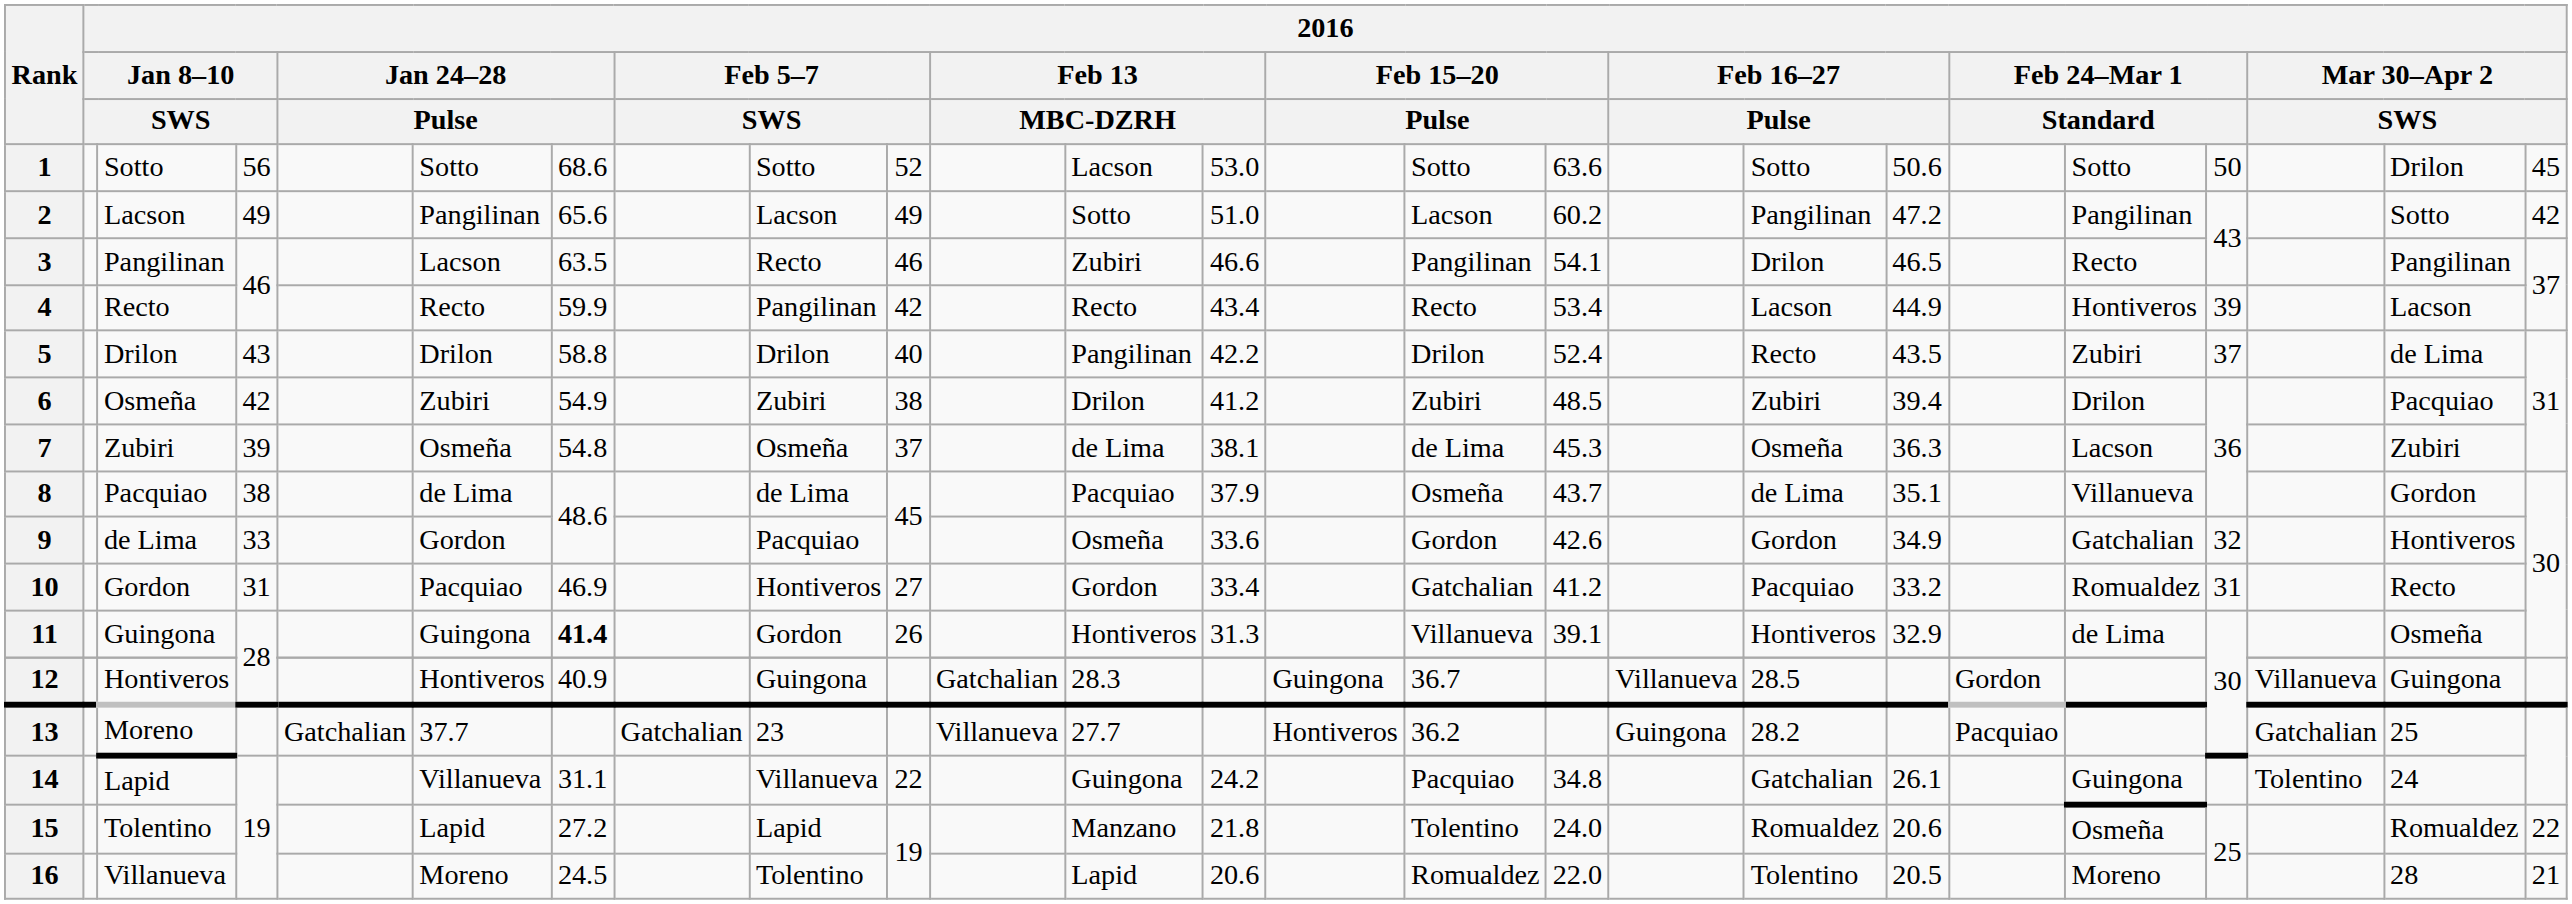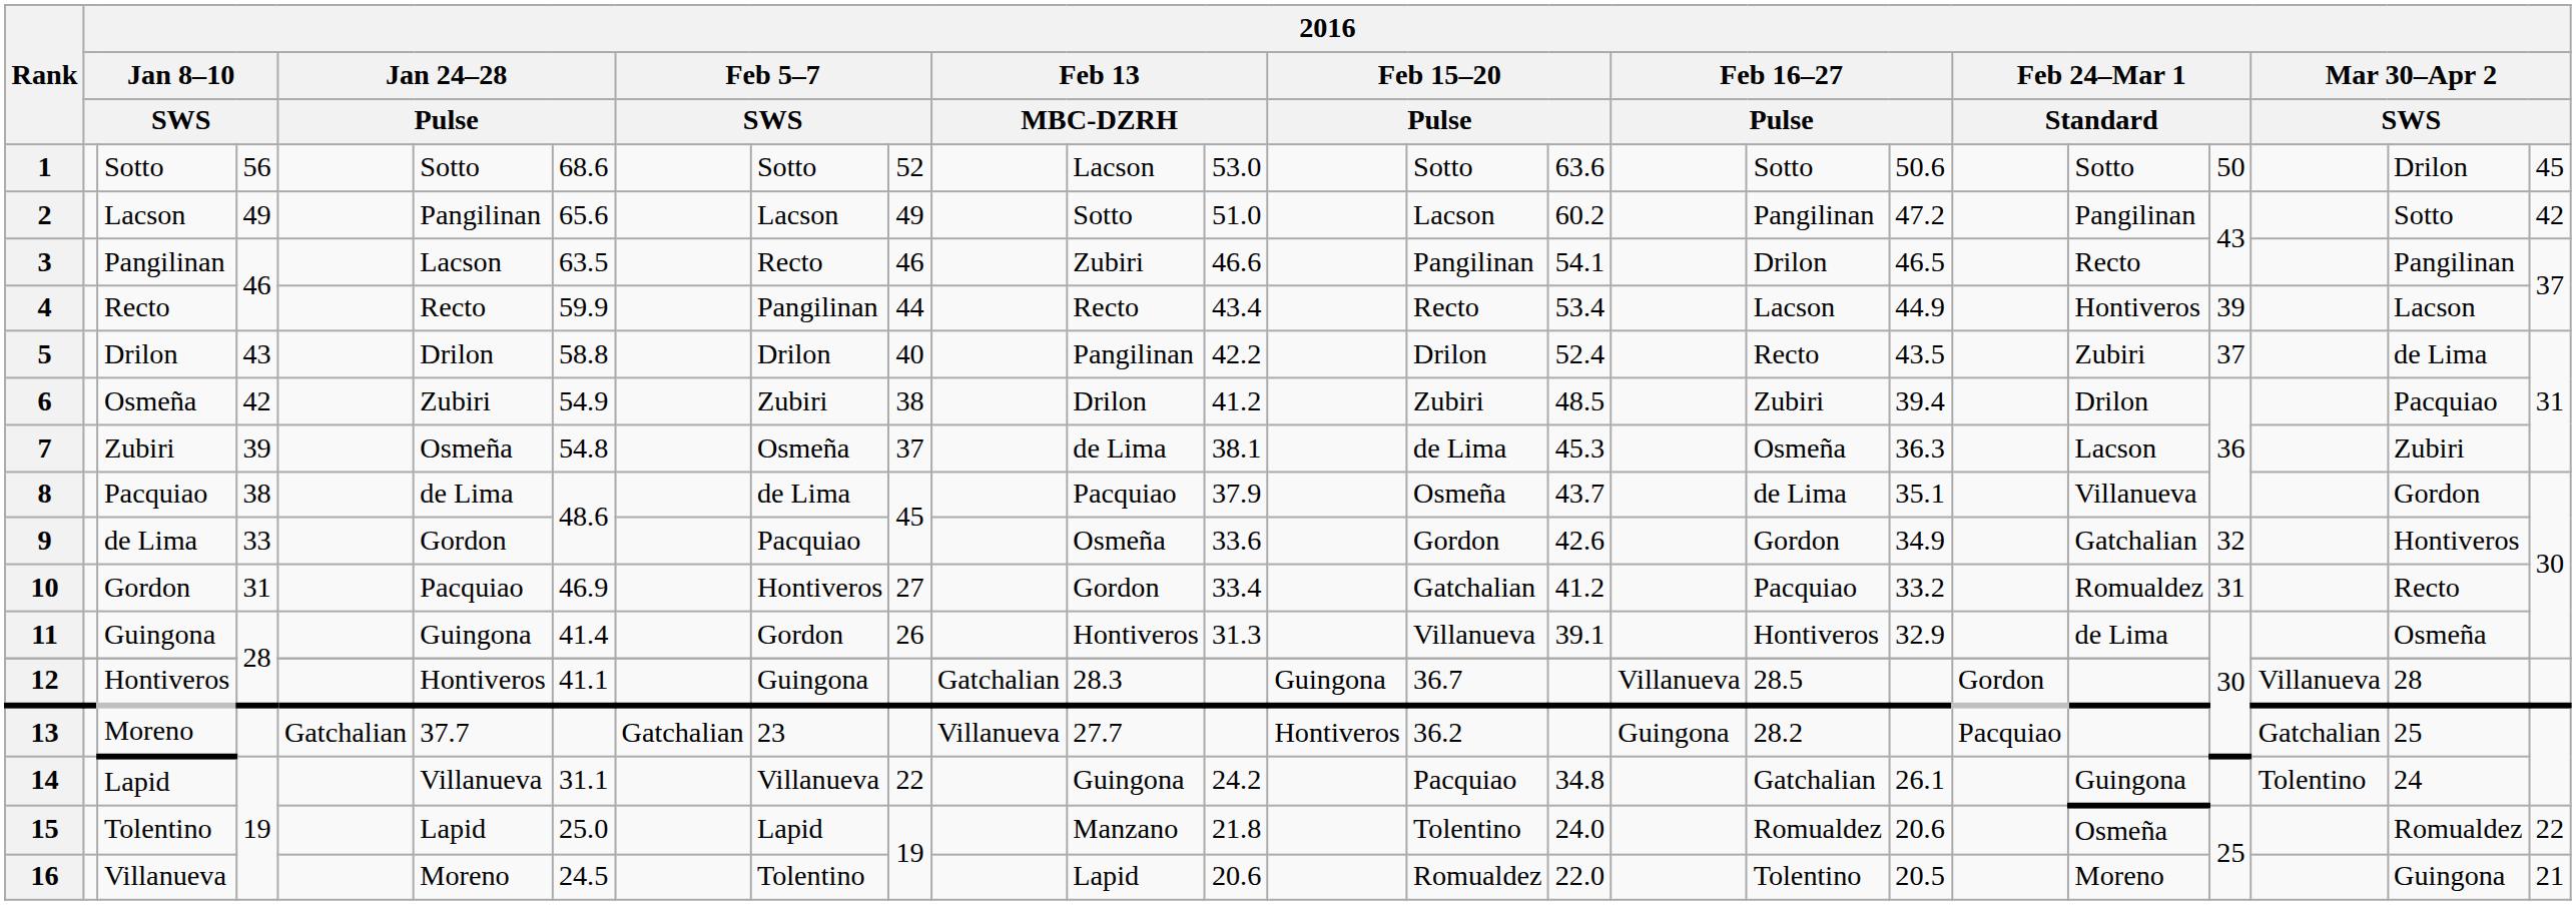 <table class="wikitable sortable" style="font-size:90%;">
 <tr>
 <th rowspan=3>Rank</th>
 <th colspan=24>2016</th>
 </tr>
 <tr>
 <th colspan=3>Jan 8–10</th>
 <th colspan=3>Jan 24–28</th>
 <th colspan=3>Feb 5–7</th>
 <th colspan=3>Feb 13</th>
 <th colspan=3>Feb 15–20</th>
 <th colspan=3>Feb 16–27</th>
 <th colspan=3>Feb 24–Mar 1</th>
 <th colspan=3>Mar 30–Apr 2</th>
 </tr>
 <tr>
 <th data-sort-type="number" colspan=3>SWS</th>
 <th data-sort-type="number" colspan=3>Pulse</th>
 <th data-sort-type="number" colspan=3>SWS</th>
 <th data-sort-type="number" colspan=3>MBC-DZRH</th>
 <th data-sort-type="number" colspan=3>Pulse</th>
 <th data-sort-type="number" colspan=3>Pulse</th>
 <th data-sort-type="number" colspan=3>Standard</th>
 <th data-sort-type="number" colspan=3>SWS</th>
 </tr>
 <tr>
 <th>1</th>
 <td></td>
 <td>Sotto</td>
 <td>56</td>
 <td></td>
 <td>Sotto</td>
 <td>68.6</td>
 <td></td>
 <td>Sotto</td>
 <td>52</td>
 <td></td>
 <td>Lacson</td>
 <td>53.0</td>
 <td></td>
 <td>Sotto</td>
 <td>63.6</td>
 <td></td>
 <td>Sotto</td>
 <td>50.6</td>
 <td></td>
 <td>Sotto</td>
 <td>50</td>
 <td></td>
 <td>Drilon</td>
 <td>45</td>
 </tr>
 <tr>
 <th>2</th>
 <td></td>
 <td>Lacson</td>
 <td>49</td>
 <td></td>
 <td>Pangilinan</td>
 <td>65.6</td>
 <td></td>
 <td>Lacson</td>
 <td>49</td>
 <td></td>
 <td>Sotto</td>
 <td>51.0</td>
 <td></td>
 <td>Lacson</td>
 <td>60.2</td>
 <td></td>
 <td>Pangilinan</td>
 <td>47.2</td>
 <td></td>
 <td>Pangilinan</td>
 <td rowspan="2">43</td>
 <td></td>
 <td>Sotto</td>
 <td>42</td>
 </tr>
 <tr>
 <th>3</th>
 <td></td>
 <td>Pangilinan</td>
 <td rowspan="2">46</td>
 <td></td>
 <td>Lacson</td>
 <td>63.5</td>
 <td></td>
 <td>Recto</td>
 <td>46</td>
 <td></td>
 <td>Zubiri</td>
 <td>46.6</td>
 <td></td>
 <td>Pangilinan</td>
 <td>54.1</td>
 <td></td>
 <td>Drilon</td>
 <td>46.5</td>
 <td></td>
 <td>Recto</td>
 <td></td>
 <td>Pangilinan</td>
 <td rowspan="2">37</td>
 </tr>
 <tr>
 <th>4</th>
 <td></td>
 <td>Recto</td>
 <td></td>
 <td>Recto</td>
 <td>59.9</td>
 <td></td>
 <td>Pangilinan</td>
-<td>42</td>
+<td>44</td>
 <td></td>
 <td>Recto</td>
 <td>43.4</td>
 <td></td>
 <td>Recto</td>
 <td>53.4</td>
 <td></td>
 <td>Lacson</td>
 <td>44.9</td>
 <td></td>
 <td>Hontiveros</td>
 <td>39</td>
 <td></td>
 <td>Lacson</td>
 </tr>
 <tr>
 <th>5</th>
 <td></td>
 <td>Drilon</td>
 <td>43</td>
 <td></td>
 <td>Drilon</td>
 <td>58.8</td>
 <td></td>
 <td>Drilon</td>
 <td>40</td>
 <td></td>
 <td>Pangilinan</td>
 <td>42.2</td>
 <td></td>
 <td>Drilon</td>
 <td>52.4</td>
 <td></td>
 <td>Recto</td>
 <td>43.5</td>
 <td></td>
 <td>Zubiri</td>
 <td>37</td>
 <td></td>
 <td>de Lima</td>
 <td rowspan="3">31</td>
 </tr>
 <tr>
 <th>6</th>
 <td></td>
 <td>Osmeña</td>
 <td>42</td>
 <td></td>
 <td>Zubiri</td>
 <td>54.9</td>
 <td></td>
 <td>Zubiri</td>
 <td>38</td>
 <td></td>
 <td>Drilon</td>
 <td>41.2</td>
 <td></td>
 <td>Zubiri</td>
 <td>48.5</td>
 <td></td>
 <td>Zubiri</td>
 <td>39.4</td>
 <td></td>
 <td>Drilon</td>
 <td rowspan="3">36</td>
 <td></td>
 <td>Pacquiao</td>
 </tr>
 <tr>
 <th>7</th>
 <td></td>
 <td>Zubiri</td>
 <td>39</td>
 <td></td>
 <td>Osmeña</td>
 <td>54.8</td>
 <td></td>
 <td>Osmeña</td>
 <td>37</td>
 <td></td>
 <td>de Lima</td>
 <td>38.1</td>
 <td></td>
 <td>de Lima</td>
 <td>45.3</td>
 <td></td>
 <td>Osmeña</td>
 <td>36.3</td>
 <td></td>
 <td>Lacson</td>
 <td></td>
 <td>Zubiri</td>
 </tr>
 <tr>
 <th>8</th>
 <td></td>
 <td>Pacquiao</td>
 <td>38</td>
 <td></td>
 <td>de Lima</td>
 <td rowspan="2">48.6</td>
 <td></td>
 <td>de Lima</td>
 <td rowspan="2">45</td>
 <td></td>
 <td>Pacquiao</td>
 <td>37.9</td>
 <td></td>
 <td>Osmeña</td>
 <td>43.7</td>
 <td></td>
 <td>de Lima</td>
 <td>35.1</td>
 <td></td>
 <td>Villanueva</td>
 <td></td>
 <td>Gordon</td>
 <td rowspan="4">30</td>
 </tr>
 <tr>
 <th>9</th>
 <td></td>
 <td>de Lima</td>
 <td>33</td>
 <td></td>
 <td>Gordon</td>
 <td></td>
 <td>Pacquiao</td>
 <td></td>
 <td>Osmeña</td>
 <td>33.6</td>
 <td></td>
 <td>Gordon</td>
 <td>42.6</td>
 <td></td>
 <td>Gordon</td>
 <td>34.9</td>
 <td></td>
 <td>Gatchalian</td>
 <td>32</td>
 <td></td>
 <td>Hontiveros</td>
 </tr>
 <tr>
 <th>10</th>
 <td></td>
 <td>Gordon</td>
 <td>31</td>
 <td></td>
 <td>Pacquiao</td>
 <td>46.9</td>
 <td></td>
 <td>Hontiveros</td>
 <td>27</td>
 <td></td>
 <td>Gordon</td>
 <td>33.4</td>
 <td></td>
 <td>Gatchalian</td>
 <td>41.2</td>
 <td></td>
 <td>Pacquiao</td>
 <td>33.2</td>
 <td></td>
 <td>Romualdez</td>
 <td>31</td>
 <td></td>
 <td>Recto</td>
 </tr>
 <tr>
 <th>11</th>
 <td></td>
 <td>Guingona</td>
 <td style="border-bottom:3px solid black;" rowspan="3">28</td>
 <td></td>
 <td>Guingona</td>
-<td><strong>41.4</strong></td>
+<td>41.4</td>
 <td></td>
 <td>Gordon</td>
 <td rowspan="2">26</td>
 <td></td>
 <td>Hontiveros</td>
 <td>31.3</td>
 <td></td>
 <td>Villanueva</td>
 <td>39.1</td>
 <td></td>
 <td>Hontiveros</td>
 <td>32.9</td>
 <td></td>
 <td>de Lima</td>
 <td style="border-bottom:3px solid black;" rowspan="4">30</td>
 <td></td>
 <td>Osmeña</td>
 </tr>
 <tr>
 </tr>
 <tr style="border-bottom:3px solid black;">
 <th>12</th>
 <td></td>
 <td style="border-bottom:3px solid #c0c0c0;">Hontiveros</td>
 <td></td>
 <td>Hontiveros</td>
-<td>40.9</td>
+<td>41.1</td>
 <td></td>
 <td>Guingona</td>
 <td></td>
 <td>Gatchalian</td>
 <td>28.3</td>
 <td></td>
 <td>Guingona</td>
 <td>36.7</td>
 <td></td>
 <td>Villanueva</td>
 <td>28.5</td>
 <td></td>
 <td style="border-bottom:3px solid #c0c0c0;">Gordon</td>
 <td></td>
 <td>Villanueva</td>
-<td>Guingona</td>
+<td>28</td>
 </tr>
 <tr>
 <th>13</th>
 <td></td>
 <td style="border-bottom:3px solid black;">Moreno</td>
 <td></td>
 <td>Gatchalian</td>
 <td>37.7</td>
 <td></td>
 <td>Gatchalian</td>
 <td>23</td>
 <td></td>
 <td>Villanueva</td>
 <td>27.7</td>
 <td></td>
 <td>Hontiveros</td>
 <td>36.2</td>
 <td></td>
 <td>Guingona</td>
 <td>28.2</td>
 <td></td>
 <td>Pacquiao</td>
 <td></td>
 <td>Gatchalian</td>
 <td>25</td>
 </tr>
 <tr>
 <th>14</th>
 <td></td>
 <td>Lapid</td>
 <td rowspan="3">19</td>
 <td></td>
 <td>Villanueva</td>
 <td>31.1</td>
 <td></td>
 <td>Villanueva</td>
 <td>22</td>
 <td></td>
 <td>Guingona</td>
 <td>24.2</td>
 <td></td>
 <td>Pacquiao</td>
 <td>34.8</td>
 <td></td>
 <td>Gatchalian</td>
 <td>26.1</td>
 <td></td>
 <td style="border-bottom:3px solid black;">Guingona</td>
 <td></td>
 <td>Tolentino</td>
 <td>24</td>
 </tr>
 <tr>
 <th>15</th>
 <td></td>
 <td>Tolentino</td>
 <td></td>
 <td>Lapid</td>
-<td>27.2</td>
+<td>25.0</td>
 <td></td>
 <td>Lapid</td>
 <td rowspan="2">19</td>
 <td></td>
 <td>Manzano</td>
 <td>21.8</td>
 <td></td>
 <td>Tolentino</td>
 <td>24.0</td>
 <td></td>
 <td>Romualdez</td>
 <td>20.6</td>
 <td></td>
 <td>Osmeña</td>
 <td rowspan="2">25</td>
 <td></td>
 <td>Romualdez</td>
 <td>22</td>
 </tr>
 <tr>
 <th>16</th>
 <td></td>
 <td>Villanueva</td>
 <td></td>
 <td>Moreno</td>
 <td>24.5</td>
 <td></td>
 <td>Tolentino</td>
 <td></td>
 <td>Lapid</td>
 <td>20.6</td>
 <td></td>
 <td>Romualdez</td>
 <td>22.0</td>
 <td></td>
 <td>Tolentino</td>
 <td>20.5</td>
 <td></td>
 <td>Moreno</td>
 <td></td>
-<td>28</td>
+<td>Guingona</td>
 <td>21</td>
 </tr>
 </table>
